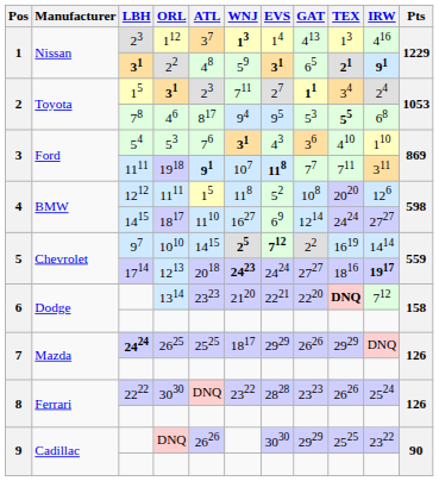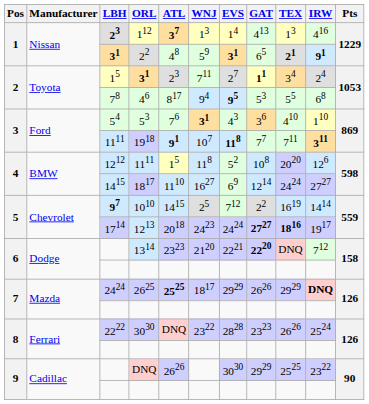 <table class="wikitable" style="font-size:85%;text-align:center">
 <tr>
 <th>Pos</th>
 <th>Manufacturer</th>
 <th><a href='#'>LBH</a></th>
 <th><a href='#'>ORL</a></th>
 <th><a href='#'>ATL</a></th>
 <th><a href='#'>WNJ</a></th>
 <th><a href='#'>EVS</a></th>
 <th><a href='#'>GAT</a></th>
 <th><a href='#'>TEX</a></th>
 <th><a href='#'>IRW</a></th>
 <th>Pts</th>
 </tr>
 <tr>
 <th rowspan=2>1</th>
 <td rowspan=2 align=left> <a href='#'>Nissan</a></td>
-<td style="background:#dfdfdf;">2<sup>3</sup></td>
+<td style="background:#dfdfdf;"><strong>2<sup>3</sup></strong></td>
 <td style="background:#ffffbf;">1<sup>12</sup></td>
-<td style="background:#ffdf9f;">3<sup>7</sup></td>
-<td style="background:#ffffbf;"><strong>1<sup>3</sup></strong></td>
+<td style="background:#ffdf9f;"><strong>3<sup>7</sup></strong></td>
+<td style="background:#ffffbf;">1<sup>3</sup></td>
 <td style="background:#ffffbf;">1<sup>4</sup></td>
 <td style="background:#dfffdf;">4<sup>13</sup></td>
 <td style="background:#ffffbf;">1<sup>3</sup></td>
 <td style="background:#dfffdf;">4<sup>16</sup></td>
 <th rowspan=2>1229</th>
 </tr>
 <tr>
 <td style="background:#ffdf9f;"><strong>3<sup>1</sup></strong></td>
 <td style="background:#dfdfdf;">2<sup>2</sup></td>
 <td style="background:#dfffdf;">4<sup>8</sup></td>
 <td style="background:#dfffdf;">5<sup>9</sup></td>
 <td style="background:#ffdf9f;"><strong>3<sup>1</sup></strong></td>
 <td style="background:#dfffdf;">6<sup>5</sup></td>
 <td style="background:#dfdfdf;"><strong>2<sup>1</sup></strong></td>
 <td style="background:#cfeaff;"><strong>9<sup>1</sup></strong></td>
 </tr>
 <tr>
 <th rowspan=2>2</th>
 <td rowspan=2 align=left> <a href='#'>Toyota</a></td>
 <td style="background:#ffffbf;">1<sup>5</sup></td>
 <td style="background:#ffdf9f;"><strong>3<sup>1</sup></strong></td>
 <td style="background:#dfdfdf;">2<sup>3</sup></td>
 <td style="background:#dfffdf;">7<sup>11</sup></td>
 <td style="background:#dfdfdf;">2<sup>7</sup></td>
 <td style="background:#ffffbf;"><strong>1<sup>1</sup></strong></td>
 <td style="background:#ffdf9f;">3<sup>4</sup></td>
 <td style="background:#dfdfdf;">2<sup>4</sup></td>
 <th rowspan=2>1053</th>
 </tr>
 <tr>
 <td style="background:#dfffdf;">7<sup>8</sup></td>
 <td style="background:#dfffdf;">4<sup>6</sup></td>
 <td style="background:#dfffdf;">8<sup>17</sup></td>
 <td style="background:#cfeaff;">9<sup>4</sup></td>
-<td style="background:#cfeaff;">9<sup>5</sup></td>
+<td style="background:#cfeaff;"><strong>9<sup>5</sup></strong></td>
 <td style="background:#dfffdf;">5<sup>3</sup></td>
-<td style="background:#dfffdf;"><strong>5<sup>5</sup></strong></td>
+<td style="background:#dfffdf;">5<sup>5</sup></td>
 <td style="background:#dfffdf;">6<sup>8</sup></td>
 </tr>
 <tr>
 <th rowspan=2>3</th>
 <td rowspan=2 align=left> <a href='#'>Ford</a></td>
 <td style="background:#dfffdf;">5<sup>4</sup></td>
 <td style="background:#dfffdf;">5<sup>3</sup></td>
 <td style="background:#dfffdf;">7<sup>6</sup></td>
 <td style="background:#ffdf9f;"><strong>3<sup>1</sup></strong></td>
 <td style="background:#dfffdf;">4<sup>3</sup></td>
 <td style="background:#ffdf9f;">3<sup>6</sup></td>
 <td style="background:#dfffdf;">4<sup>10</sup></td>
 <td style="background:#ffffbf;">1<sup>10</sup></td>
 <th rowspan=2>869</th>
 </tr>
 <tr>
 <td style="background:#cfeaff;">11<sup>11</sup></td>
 <td style="background:#cfcfff;">19<sup>18</sup></td>
 <td style="background:#cfeaff;"><strong>9<sup>1</sup></strong></td>
 <td style="background:#cfeaff;">10<sup>7</sup></td>
 <td style="background:#cfeaff;"><strong>11<sup>8</sup></strong></td>
 <td style="background:#dfffdf;">7<sup>7</sup></td>
 <td style="background:#dfffdf;">7<sup>11</sup></td>
-<td style="background:#ffdf9f;">3<sup>11</sup></td>
+<td style="background:#ffdf9f;"><strong>3<sup>11</sup></strong></td>
 </tr>
 <tr>
 <th rowspan=2>4</th>
 <td rowspan=2 align=left> <a href='#'>BMW</a></td>
 <td style="background:#cfeaff;">12<sup>12</sup></td>
 <td style="background:#cfeaff;">11<sup>11</sup></td>
 <td style="background:#ffffbf;">1<sup>5</sup></td>
 <td style="background:#cfeaff;">11<sup>8</sup></td>
 <td style="background:#dfffdf;">5<sup>2</sup></td>
 <td style="background:#cfeaff;">10<sup>8</sup></td>
 <td style="background:#cfcfff;">20<sup>20</sup></td>
 <td style="background:#cfeaff;">12<sup>6</sup></td>
 <th rowspan=2>598</th>
 </tr>
 <tr>
 <td style="background:#cfeaff;">14<sup>15</sup></td>
 <td style="background:#cfcfff;">18<sup>17</sup></td>
 <td style="background:#cfeaff;">11<sup>10</sup></td>
 <td style="background:#cfeaff;">16<sup>27</sup></td>
 <td style="background:#dfffdf;">6<sup>9</sup></td>
 <td style="background:#cfeaff;">12<sup>14</sup></td>
 <td style="background:#cfcfff;">24<sup>24</sup></td>
 <td style="background:#cfcfff;">27<sup>27</sup></td>
 </tr>
 <tr>
 <th rowspan=2>5</th>
 <td rowspan=2 align=left> <a href='#'>Chevrolet</a></td>
-<td style="background:#cfeaff;">9<sup>7</sup></td>
+<td style="background:#cfeaff;"><strong>9<sup>7</sup></strong></td>
 <td style="background:#cfeaff;">10<sup>10</sup></td>
 <td style="background:#cfeaff;">14<sup>15</sup></td>
-<td style="background:#dfdfdf;"><strong>2<sup>5</sup></strong></td>
-<td style="background:#dfffdf;"><strong>7<sup>12</sup></strong></td>
+<td style="background:#dfdfdf;">2<sup>5</sup></td>
+<td style="background:#dfffdf;">7<sup>12</sup></td>
 <td style="background:#dfdfdf;">2<sup>2</sup></td>
 <td style="background:#cfeaff;">16<sup>19</sup></td>
 <td style="background:#cfeaff;">14<sup>14</sup></td>
 <th rowspan=2>559</th>
 </tr>
 <tr>
 <td style="background:#cfcfff;">17<sup>14</sup></td>
 <td style="background:#cfeaff;">12<sup>13</sup></td>
 <td style="background:#cfcfff;">20<sup>18</sup></td>
-<td style="background:#cfcfff;"><strong>24<sup>23</sup></strong></td>
+<td style="background:#cfcfff;">24<sup>23</sup></td>
 <td style="background:#cfcfff;">24<sup>24</sup></td>
-<td style="background:#cfcfff;">27<sup>27</sup></td>
-<td style="background:#cfcfff;">18<sup>16</sup></td>
-<td style="background:#cfcfff;"><strong>19<sup>17</sup></strong></td>
+<td style="background:#cfcfff;"><strong>27<sup>27</sup></strong></td>
+<td style="background:#cfcfff;"><strong>18<sup>16</sup></strong></td>
+<td style="background:#cfcfff;">19<sup>17</sup></td>
 </tr>
 <tr>
 <th rowspan=2>6</th>
 <td rowspan=2 align=left> <a href='#'>Dodge</a></td>
 <td></td>
 <td style="background:#cfeaff;">13<sup>14</sup></td>
 <td style="background:#cfcfff;">23<sup>23</sup></td>
 <td style="background:#cfcfff;">21<sup>20</sup></td>
 <td style="background:#cfcfff;">22<sup>21</sup></td>
-<td style="background:#cfcfff;">22<sup>20</sup></td>
-<td style="background:#ffcfcf;"><strong>DNQ</strong></td>
+<td style="background:#cfcfff;"><strong>22<sup>20</sup></strong></td>
+<td style="background:#ffcfcf;">DNQ</td>
 <td style="background:#dfffdf;">7<sup>12</sup></td>
 <th rowspan=2>158</th>
 </tr>
 <tr>
 <td> </td>
 <td></td>
 <td></td>
 <td></td>
 <td></td>
 <td></td>
 <td></td>
 <td></td>
 </tr>
 <tr>
 <th rowspan=2>7</th>
 <td rowspan=2 align=left> <a href='#'>Mazda</a></td>
-<td style="background:#cfcfff;"><strong>24<sup>24</sup></strong></td>
+<td style="background:#cfcfff;">24<sup>24</sup></td>
 <td style="background:#cfcfff;">26<sup>25</sup></td>
-<td style="background:#cfcfff;">25<sup>25</sup></td>
+<td style="background:#cfcfff;"><strong>25<sup>25</sup></strong></td>
 <td style="background:#cfcfff;">18<sup>17</sup></td>
 <td style="background:#cfcfff;">29<sup>29</sup></td>
 <td style="background:#cfcfff;">26<sup>26</sup></td>
 <td style="background:#cfcfff;">29<sup>29</sup></td>
-<td style="background:#ffcfcf;">DNQ</td>
+<td style="background:#ffcfcf;"><strong>DNQ</strong></td>
 <th rowspan=2>126</th>
 </tr>
 <tr>
 <td> </td>
 <td></td>
 <td></td>
 <td></td>
 <td></td>
 <td></td>
 <td></td>
 <td></td>
 </tr>
 <tr>
 <th rowspan=2>8</th>
 <td rowspan=2 align=left> <a href='#'>Ferrari</a></td>
 <td style="background:#cfcfff;">22<sup>22</sup></td>
 <td style="background:#cfcfff;">30<sup>30</sup></td>
 <td style="background:#ffcfcf;">DNQ</td>
 <td style="background:#cfcfff;">23<sup>22</sup></td>
 <td style="background:#cfcfff;">28<sup>28</sup></td>
 <td style="background:#cfcfff;">23<sup>23</sup></td>
 <td style="background:#cfcfff;">26<sup>26</sup></td>
 <td style="background:#cfcfff;">25<sup>24</sup></td>
 <th rowspan=2>126</th>
 </tr>
 <tr>
 <td> </td>
 <td></td>
 <td></td>
 <td></td>
 <td></td>
 <td></td>
 <td></td>
 <td></td>
 </tr>
 <tr>
 <th rowspan=2>9</th>
 <td rowspan=2 align=left> <a href='#'>Cadillac</a></td>
 <td></td>
 <td style="background:#ffcfcf;">DNQ</td>
 <td style="background:#cfcfff;">26<sup>26</sup></td>
 <td></td>
 <td style="background:#cfcfff;">30<sup>30</sup></td>
 <td style="background:#cfcfff;">29<sup>29</sup></td>
 <td style="background:#cfcfff;">25<sup>25</sup></td>
 <td style="background:#cfcfff;">23<sup>22</sup></td>
 <th rowspan=2>90</th>
 </tr>
 <tr>
 <td> </td>
 <td></td>
 <td></td>
 <td></td>
 <td></td>
 <td></td>
 <td></td>
 <td></td>
 </tr>
 </table>
